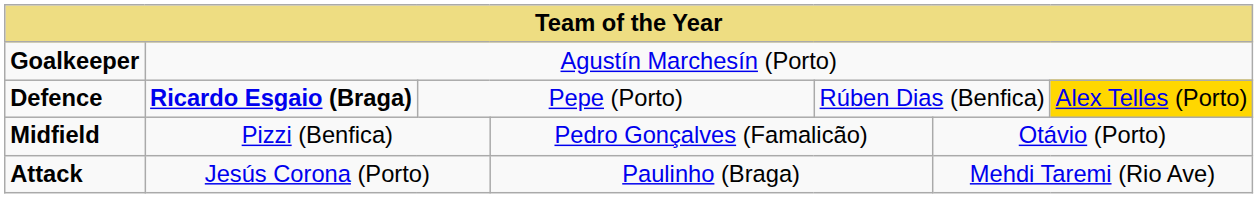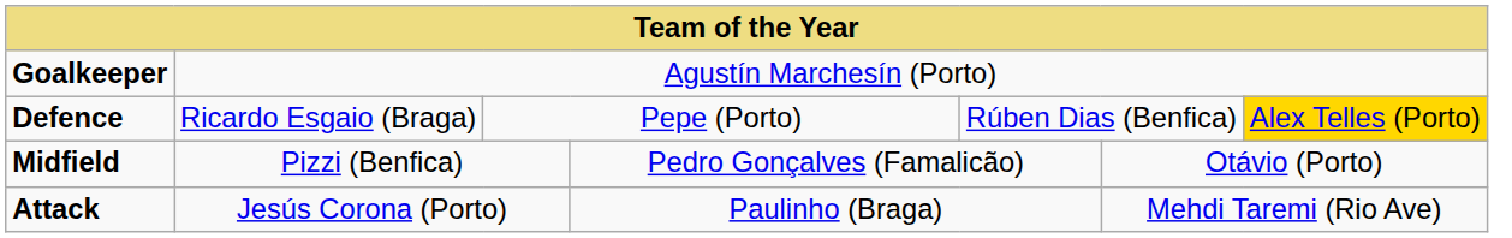 <table class="wikitable">
 <tr>
 <th colspan="7"style="background-color: #eedd82">Team of the Year</th>
 </tr>
 <tr>
 <td><strong>Goalkeeper</strong></td>
 <td colspan="6" align="center"> <a href='#'>Agustín Marchesín</a> (Porto)</td>
 </tr>
 <tr>
 <td><strong>Defence</strong></td>
-<td align="center"><strong> <a href='#'>Ricardo Esgaio</a> (Braga)</strong></td>
+<td align="center"> <a href='#'>Ricardo Esgaio</a> (Braga)</td>
 <td colspan="2" align="center"> <a href='#'>Pepe</a> (Porto)</td>
 <td colspan="2" align="center"> <a href='#'>Rúben Dias</a> (Benfica)</td>
 <td align="center" style="background: gold;"> <a href='#'>Alex Telles</a> (Porto)</td>
 </tr>
 <tr>
 <td><strong>Midfield</strong></td>
 <td colspan="2" align="center"> <a href='#'>Pizzi</a> (Benfica)</td>
 <td colspan="2" align="center"> <a href='#'>Pedro Gonçalves</a> (Famalicão)</td>
 <td colspan="2" align="center"> <a href='#'>Otávio</a> (Porto)</td>
 </tr>
 <tr>
 <td><strong>Attack</strong></td>
 <td colspan="2" align="center"> <a href='#'>Jesús Corona</a> (Porto)</td>
 <td colspan="2" align="center"> <a href='#'>Paulinho</a> (Braga)</td>
 <td colspan="2" align="center"> <a href='#'>Mehdi Taremi</a> (Rio Ave)</td>
 </tr>
 </table>
